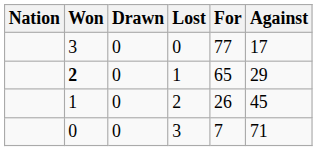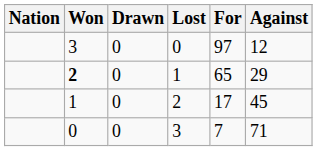 <table class="wikitable">
 <tr>
 <th>Nation</th>
 <th>Won</th>
 <th>Drawn</th>
 <th>Lost</th>
 <th>For</th>
 <th>Against</th>
 </tr>
 <tr>
 <td></td>
 <td>3</td>
 <td>0</td>
 <td>0</td>
-<td>77</td>
-<td>17</td>
+<td>97</td>
+<td>12</td>
 </tr>
 <tr>
 <td></td>
 <td><strong>2</strong></td>
 <td>0</td>
 <td>1</td>
 <td>65</td>
 <td>29</td>
 </tr>
 <tr>
 <td></td>
 <td>1</td>
 <td>0</td>
 <td>2</td>
-<td>26</td>
+<td>17</td>
 <td>45</td>
 </tr>
 <tr>
 <td></td>
 <td>0</td>
 <td>0</td>
 <td>3</td>
 <td>7</td>
 <td>71</td>
 </tr>
 </table>
